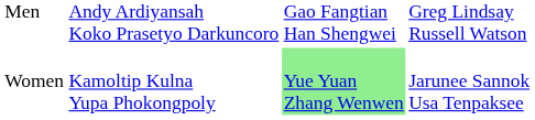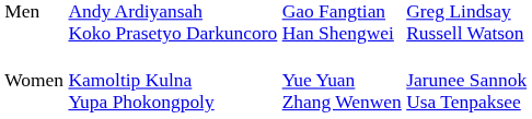 <table>
 <tr>
 <td>Men</td>
 <td><br><a href='#'>Andy Ardiyansah</a><br><a href='#'>Koko Prasetyo Darkuncoro</a></td>
 <td><br><a href='#'>Gao Fangtian</a><br><a href='#'>Han Shengwei</a></td>
 <td><br><a href='#'>Greg Lindsay</a><br><a href='#'>Russell Watson</a></td>
 </tr>
 <tr>
 <td>Women</td>
 <td><br><a href='#'>Kamoltip Kulna</a><br><a href='#'>Yupa Phokongpoly</a></td>
-<td style="background: lightgreen;"><br><a href='#'>Yue Yuan</a><br><a href='#'>Zhang Wenwen</a></td>
+<td><br><a href='#'>Yue Yuan</a><br><a href='#'>Zhang Wenwen</a></td>
 <td><br><a href='#'>Jarunee Sannok</a><br><a href='#'>Usa Tenpaksee</a></td>
 </tr>
 </table>
